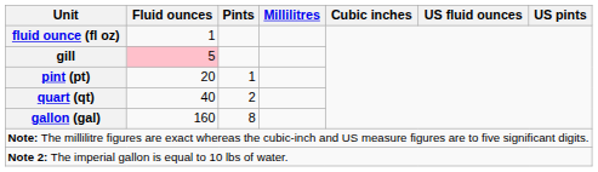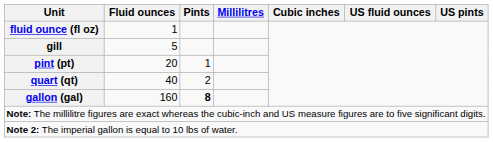 <table class="wikitable" style="text-align:right;">
 <tr>
 <th>Unit</th>
 <th>Fluid ounces</th>
 <th>Pints</th>
 <th><a href='#'>Millilitres</a></th>
 <th>Cubic inches</th>
 <th>US fluid ounces</th>
 <th>US pints</th>
 </tr>
 <tr>
 <th align=left><a href='#'>fluid ounce</a> (fl oz)</th>
 <td>1</td>
 <td></td>
 <td></td>
 </tr>
 <tr>
 <th align=left>gill</th>
-<td style="background: pink;">5</td>
+<td>5</td>
 <td></td>
 <td></td>
 </tr>
 <tr>
 <th align=left><a href='#'>pint</a> (pt)</th>
 <td>20</td>
 <td>1</td>
 <td></td>
 </tr>
 <tr>
 <th align=left><a href='#'>quart</a> (qt)</th>
 <td>40</td>
 <td>2</td>
 <td></td>
 </tr>
 <tr>
 <th align=left><a href='#'>gallon</a> (gal)</th>
 <td>160</td>
-<td>8</td>
+<td><strong>8</strong></td>
 <td></td>
 </tr>
 <tr>
 <td colspan=7 style="text-align:left; font-size:90%;"><strong>Note:</strong> The millilitre figures are exact whereas the cubic-inch and US measure figures are to five significant digits.</td>
 </tr>
 <tr>
 <td colspan=7 style="text-align:left; font-size:90%;"><strong>Note 2:</strong> The imperial gallon is equal to 10 lbs of water.</td>
 </tr>
 </table>
